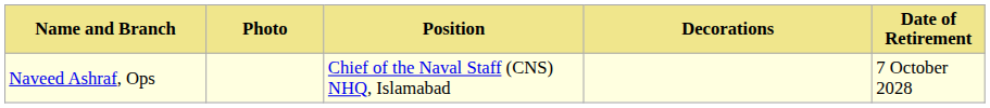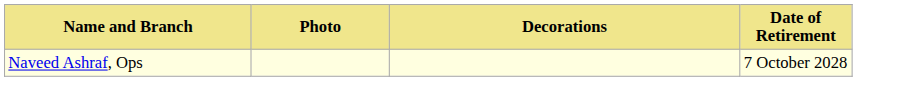 <table class="wikitable">
 <tr>
 <th width="230"  style="background:#F0E68C; text-align:center">Name and Branch</th>
 <th width="125"  style="background:#F0E68C; text-align:center">Photo</th>
-<th width="300"   style="background:#F0E68C; text-align:center">Position</th>
 <th width="330"   style="background:#F0E68C; text-align:center">Decorations</th>
 <th width="100"   style="background:#F0E68C; text-align:center">Date of Retirement</th>
 </tr>
 <tr>
 <td style="background:#FFFFE0  ;"><div><a href='#'>Naveed Ashraf</a>, Ops</div></td>
 <td style="background:#FFFFE0  ;"></td>
-<td style="background:#FFFFE0;"><div><a href='#'>Chief of the Naval Staff</a> (CNS) <a href='#'>NHQ</a>, Islamabad</div></td>
 <td style="background:#FFFFE0;"></td>
 <td style="background:#FFFFE0;">7 October 2028</td>
 </tr>
 </table>
